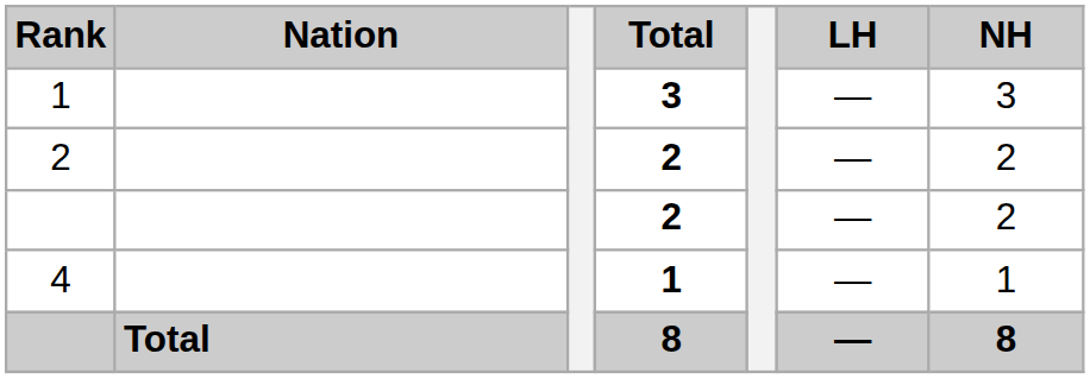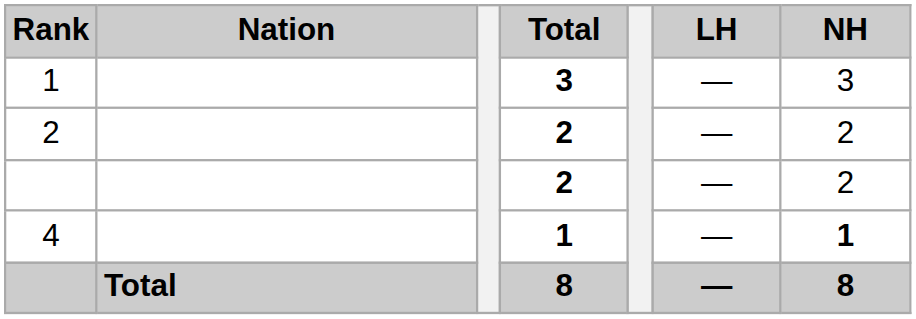 <table class="wikitable plainrowheaders" style="background:#fff; font-size:86%; line-height:16px; border:grey solid 1px; border-collapse:collapse;">
 <tr style="background:#ccc; text-align:center;">
 <th style="background:#ccc;">Rank</th>
 <th style="background:#ccc;">Nation</th>
 <th rowspan="6" width="2"> </th>
 <th width="50" style="background:#ccc;">Total</th>
 <th rowspan="6" width="2"> </th>
 <th width="50" style="background:#ccc;">LH</th>
 <th width="50" style="background:#ccc;">NH</th>
 </tr>
 <tr align=center>
 <td align=center>1</td>
 <td align=left></td>
 <td><strong>3</strong></td>
 <td>—</td>
 <td>3</td>
 </tr>
 <tr align=center>
 <td align=center>2</td>
 <td align=left width=160></td>
 <td><strong>2</strong></td>
 <td>—</td>
 <td>2</td>
 </tr>
 <tr align=center>
 <td align=center></td>
 <td align=left></td>
 <td><strong>2</strong></td>
 <td>—</td>
 <td>2</td>
 </tr>
 <tr align=center>
 <td align=center>4</td>
 <td align=left></td>
 <td><strong>1</strong></td>
 <td>—</td>
-<td>1</td>
+<td><strong>1</strong></td>
 </tr>
 <tr bgcolor=#D3D3D3 align=center>
 <th style="background:#ccc;"></th>
 <td style="background:#ccc;" align=left><strong>Total</strong></td>
 <th style="background:#ccc;"><strong>8</strong></th>
 <th style="background:#ccc;">—</th>
 <th style="background:#ccc;"><strong>8</strong></th>
 </tr>
 </table>
